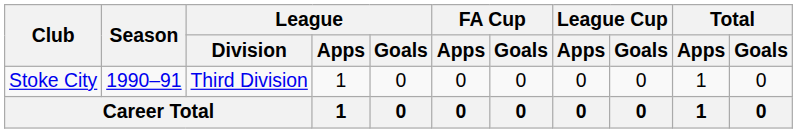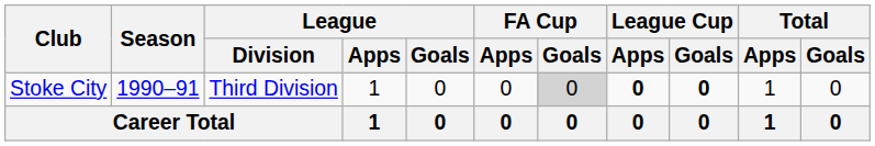 <table class="wikitable" style="text-align: center;">
 <tr>
 <th rowspan="2">Club</th>
 <th rowspan="2">Season</th>
 <th colspan="3">League</th>
 <th colspan="2">FA Cup</th>
 <th colspan="2">League Cup</th>
 <th colspan="2">Total</th>
 </tr>
 <tr>
 <th>Division</th>
 <th>Apps</th>
 <th>Goals</th>
 <th>Apps</th>
 <th>Goals</th>
 <th>Apps</th>
 <th>Goals</th>
 <th>Apps</th>
 <th>Goals</th>
 </tr>
 <tr>
 <td><a href='#'>Stoke City</a></td>
 <td><a href='#'>1990–91</a></td>
 <td><a href='#'>Third Division</a></td>
 <td>1</td>
 <td>0</td>
 <td>0</td>
-<td>0</td>
-<td>0</td>
-<td>0</td>
+<td style="background: lightgrey;">0</td>
+<td><strong>0</strong></td>
+<td><strong>0</strong></td>
 <td>1</td>
 <td>0</td>
 </tr>
 <tr>
 <th colspan=3>Career Total</th>
 <th>1</th>
 <th>0</th>
 <th>0</th>
 <th>0</th>
 <th>0</th>
 <th>0</th>
 <th>1</th>
 <th>0</th>
 </tr>
 </table>
